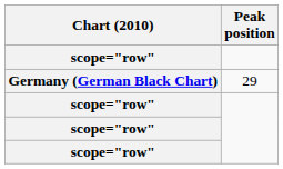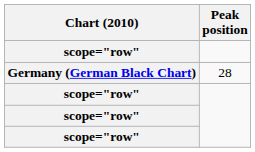 <table class="wikitable sortable plainrowheaders" style="text-align:center;">
 <tr>
 <th scope="col">Chart (2010)</th>
 <th scope="col">Peak<br>position</th>
 </tr>
 <tr>
 <th>scope="row"</th>
 </tr>
 <tr>
 <th scope="row">Germany (<a href='#'>German Black Chart</a>)</th>
-<td style="text-align:center">29</td>
+<td style="text-align:center">28</td>
 </tr>
 <tr>
 <th>scope="row"</th>
 </tr>
 <tr>
 <th>scope="row"</th>
 </tr>
 <tr>
 <th>scope="row"</th>
 </tr>
 </table>
